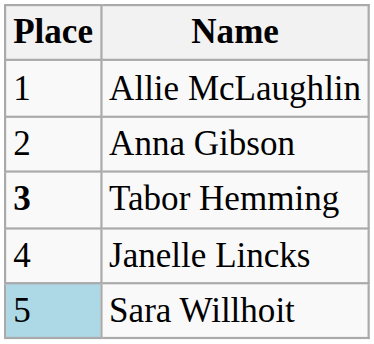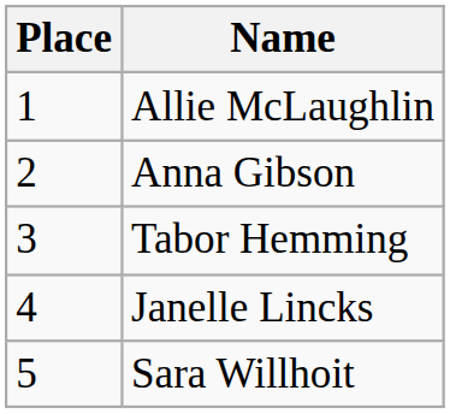 <table class="wikitable">
 <tr>
 <th>Place</th>
 <th>Name</th>
 </tr>
 <tr>
 <td>1</td>
 <td> Allie McLaughlin</td>
 </tr>
 <tr>
 <td>2</td>
 <td> Anna Gibson</td>
 </tr>
 <tr>
-<td><strong>3</strong></td>
+<td>3</td>
 <td> Tabor Hemming</td>
 </tr>
 <tr>
 <td>4</td>
 <td> Janelle Lincks</td>
 </tr>
 <tr>
-<td style="background: lightblue;">5</td>
+<td>5</td>
 <td> Sara Willhoit</td>
 </tr>
 </table>
